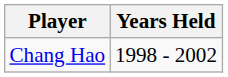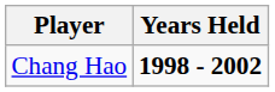 <table class="wikitable">
 <tr>
 <th>Player</th>
 <th>Years Held</th>
 </tr>
 <tr>
 <td><a href='#'>Chang Hao</a></td>
-<td>1998 - 2002</td>
+<td><strong>1998 - 2002</strong></td>
 </tr>
 </table>
